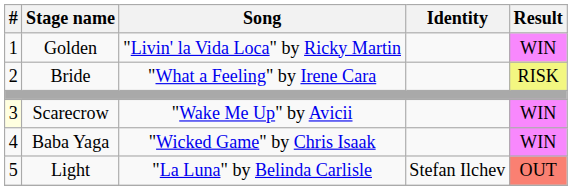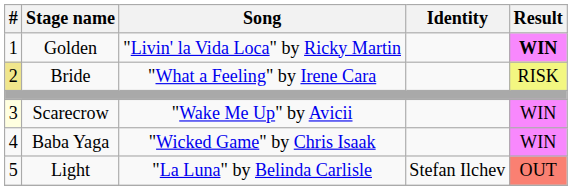 <table class="wikitable plainrowheaders" style="text-align: center;">
 <tr>
 <th>#</th>
 <th>Stage name</th>
 <th>Song</th>
 <th>Identity</th>
 <th>Result</th>
 </tr>
 <tr>
 <td>1</td>
 <td>Golden</td>
 <td>"<a href='#'>Livin' la Vida Loca</a>" by <a href='#'>Ricky Martin</a></td>
 <td></td>
-<td bgcolor="#F888FD">WIN</td>
+<td bgcolor="#F888FD"><strong>WIN</strong></td>
 </tr>
 <tr>
-<td>2</td>
+<td style="background: khaki;">2</td>
 <td>Bride</td>
 <td>"<a href='#'>What a Feeling</a>" by <a href='#'>Irene Cara</a></td>
 <td></td>
 <td bgcolor="#F3F781">RISK</td>
 </tr>
 <tr>
 <td colspan="5" style="background:darkgray"></td>
 </tr>
 <tr>
 <td style="background: lightyellow;">3</td>
 <td>Scarecrow</td>
 <td>"<a href='#'>Wake Me Up</a>" by <a href='#'>Avicii</a></td>
 <td></td>
 <td bgcolor="#F888FD">WIN</td>
 </tr>
 <tr>
 <td>4</td>
 <td>Baba Yaga</td>
 <td>"<a href='#'>Wicked Game</a>" by <a href='#'>Chris Isaak</a></td>
 <td></td>
 <td bgcolor="#F888FD">WIN</td>
 </tr>
 <tr>
 <td>5</td>
 <td>Light</td>
 <td>"<a href='#'>La Luna</a>" by <a href='#'>Belinda Carlisle</a></td>
 <td>Stefan Ilchev</td>
 <td bgcolor=salmon>OUT</td>
 </tr>
 <tr>
 </tr>
 </table>
